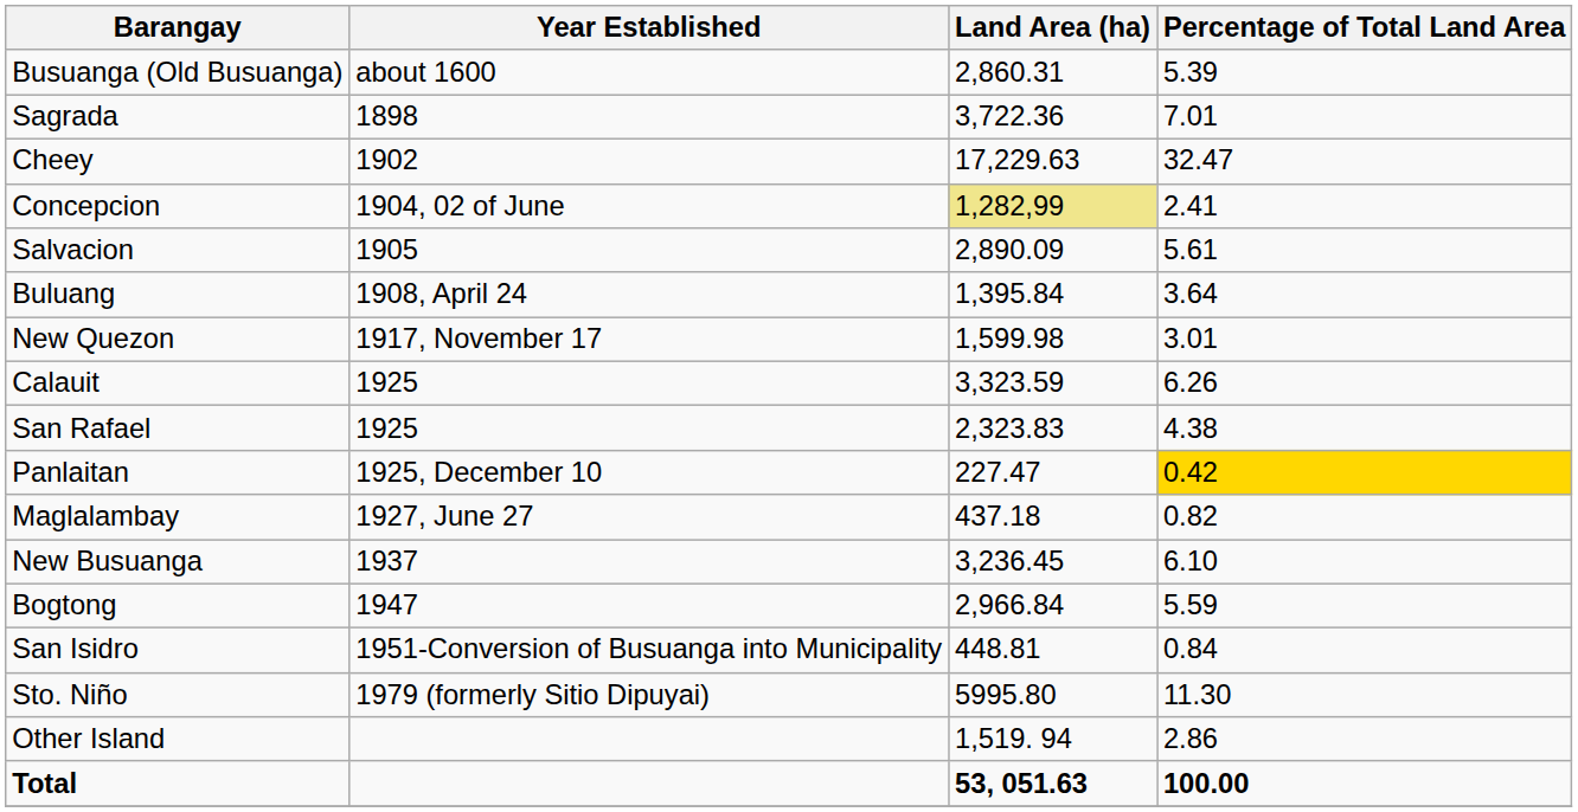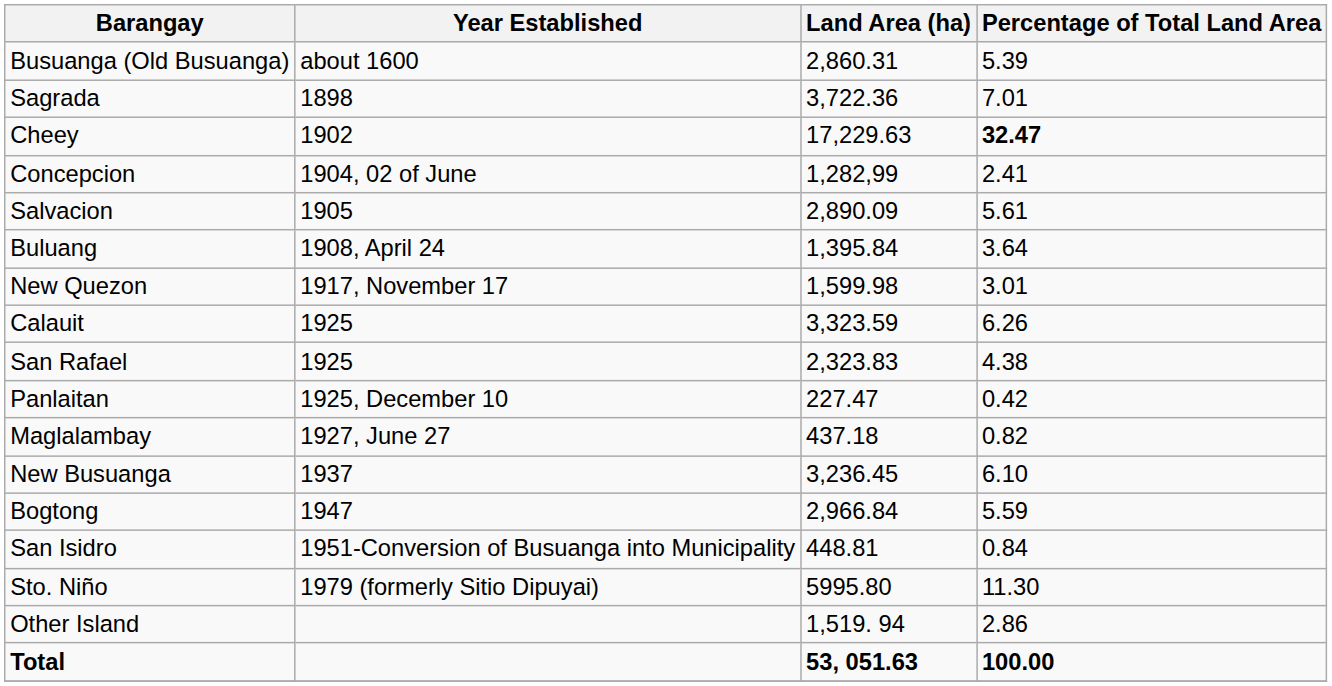 <table class="wikitable">
 <tr>
 <th>Barangay</th>
 <th>Year Established</th>
 <th>Land Area (ha)</th>
 <th>Percentage of Total Land Area</th>
 </tr>
 <tr>
 <td>Busuanga (Old Busuanga)</td>
 <td>about 1600</td>
 <td>2,860.31</td>
 <td>5.39</td>
 </tr>
 <tr>
 <td>Sagrada</td>
 <td>1898</td>
 <td>3,722.36</td>
 <td>7.01</td>
 </tr>
 <tr>
 <td>Cheey</td>
 <td>1902</td>
 <td>17,229.63</td>
-<td>32.47</td>
+<td><strong>32.47</strong></td>
 </tr>
 <tr>
 <td>Concepcion</td>
 <td>1904, 02 of June</td>
-<td style="background: khaki;">1,282,99</td>
+<td>1,282,99</td>
 <td>2.41</td>
 </tr>
 <tr>
 <td>Salvacion</td>
 <td>1905</td>
 <td>2,890.09</td>
 <td>5.61</td>
 </tr>
 <tr>
 <td>Buluang</td>
 <td>1908, April 24</td>
 <td>1,395.84</td>
 <td>3.64</td>
 </tr>
 <tr>
 <td>New Quezon</td>
 <td>1917, November 17</td>
 <td>1,599.98</td>
 <td>3.01</td>
 </tr>
 <tr>
 <td>Calauit</td>
 <td>1925</td>
 <td>3,323.59</td>
 <td>6.26</td>
 </tr>
 <tr>
 <td>San Rafael</td>
 <td>1925</td>
 <td>2,323.83</td>
 <td>4.38</td>
 </tr>
 <tr>
 <td>Panlaitan</td>
 <td>1925, December 10</td>
 <td>227.47</td>
-<td style="background: gold;">0.42</td>
+<td>0.42</td>
 </tr>
 <tr>
 <td>Maglalambay</td>
 <td>1927, June 27</td>
 <td>437.18</td>
 <td>0.82</td>
 </tr>
 <tr>
 <td>New Busuanga</td>
 <td>1937</td>
 <td>3,236.45</td>
 <td>6.10</td>
 </tr>
 <tr>
 <td>Bogtong</td>
 <td>1947</td>
 <td>2,966.84</td>
 <td>5.59</td>
 </tr>
 <tr>
 <td>San Isidro</td>
 <td>1951-Conversion of Busuanga into Municipality</td>
 <td>448.81</td>
 <td>0.84</td>
 </tr>
 <tr>
 <td>Sto. Niño</td>
 <td>1979 (formerly Sitio Dipuyai)</td>
 <td>5995.80</td>
 <td>11.30</td>
 </tr>
 <tr>
 <td>Other Island</td>
 <td></td>
 <td>1,519. 94</td>
 <td>2.86</td>
 </tr>
 <tr>
 <td><strong>Total</strong></td>
 <td></td>
 <td><strong>53, 051.63</strong></td>
 <td><strong>100.00</strong></td>
 </tr>
 <tr>
 </tr>
 </table>
